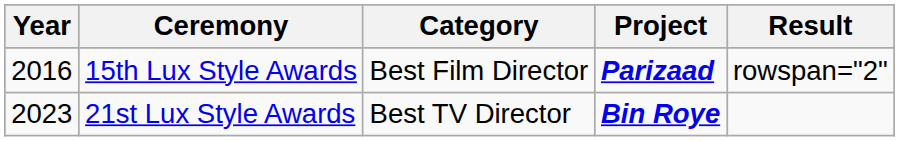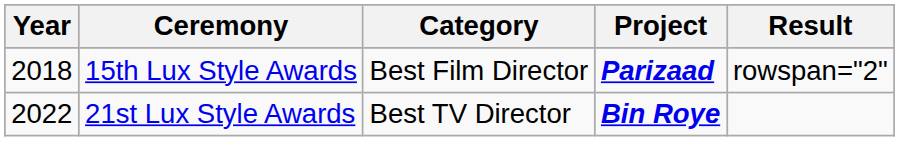 <table class="wikitable style">
 <tr>
 <th>Year</th>
 <th>Ceremony</th>
 <th>Category</th>
 <th>Project</th>
 <th>Result</th>
 </tr>
 <tr>
-<td>2016</td>
+<td>2018</td>
 <td><a href='#'>15th Lux Style Awards</a></td>
 <td>Best Film Director</td>
 <td><strong><em><a href='#'>Parizaad</a></em></strong></td>
 <td>rowspan="2" </td>
 </tr>
 <tr>
-<td>2023</td>
+<td>2022</td>
 <td><a href='#'>21st Lux Style Awards</a></td>
 <td>Best TV Director</td>
 <td><strong><em><a href='#'>Bin Roye</a></em></strong></td>
 </tr>
 </table>
